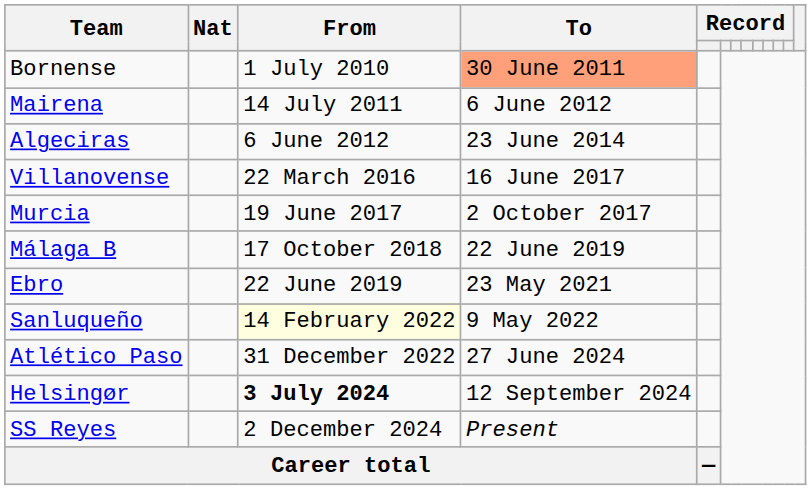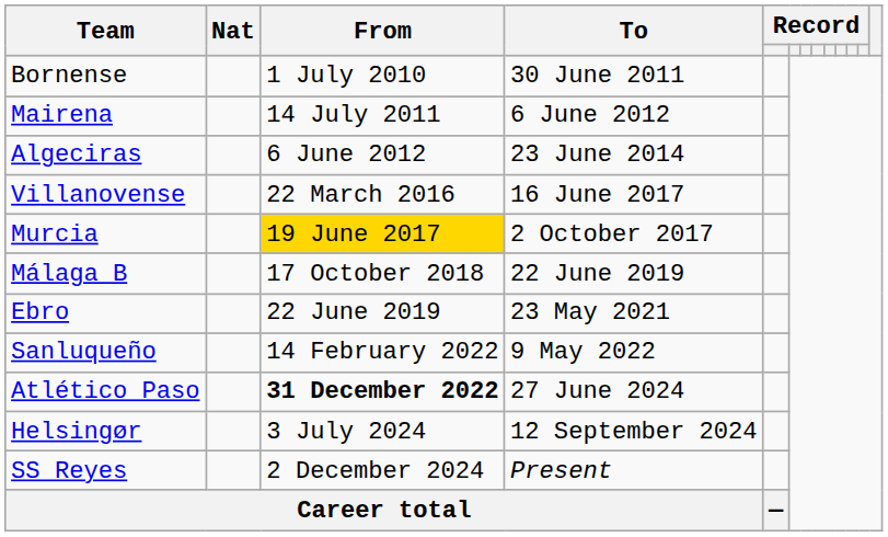 <table class="wikitable" style="text-align: center">
 <tr>
 <th rowspan="2">Team</th>
 <th rowspan="2">Nat</th>
 <th rowspan="2">From</th>
 <th rowspan="2">To</th>
 <th colspan="8">Record</th>
 <th rowspan=2></th>
 </tr>
 <tr>
 <th></th>
 <th></th>
 <th></th>
 <th></th>
 <th></th>
 <th></th>
 <th></th>
 <th></th>
 </tr>
 <tr>
 <td align="left">Bornense</td>
 <td></td>
 <td align=left>1 July 2010</td>
-<td align=left style="background: lightsalmon;">30 June 2011<br></td>
+<td align=left>30 June 2011<br></td>
 <td></td>
 </tr>
 <tr>
 <td align="left"><a href='#'>Mairena</a></td>
 <td></td>
 <td align=left>14 July 2011</td>
 <td align=left>6 June 2012<br></td>
 <td></td>
 </tr>
 <tr>
 <td align="left"><a href='#'>Algeciras</a></td>
 <td></td>
 <td align=left>6 June 2012</td>
 <td align=left>23 June 2014<br></td>
 <td></td>
 </tr>
 <tr>
 <td align="left"><a href='#'>Villanovense</a></td>
 <td></td>
 <td align=left>22 March 2016</td>
 <td align=left>16 June 2017<br></td>
 <td></td>
 </tr>
 <tr>
 <td align="left"><a href='#'>Murcia</a></td>
 <td></td>
-<td align=left>19 June 2017</td>
+<td align=left style="background: gold;">19 June 2017</td>
 <td align=left>2 October 2017<br></td>
 <td></td>
 </tr>
 <tr>
 <td align="left"><a href='#'>Málaga B</a></td>
 <td></td>
 <td align=left>17 October 2018</td>
 <td align=left>22 June 2019<br></td>
 <td></td>
 </tr>
 <tr>
 <td align="left"><a href='#'>Ebro</a></td>
 <td></td>
 <td align=left>22 June 2019</td>
 <td align=left>23 May 2021<br></td>
 <td></td>
 </tr>
 <tr>
 <td align="left"><a href='#'>Sanluqueño</a></td>
 <td></td>
-<td align=left style="background: lightyellow;">14 February 2022</td>
+<td align=left>14 February 2022</td>
 <td align=left>9 May 2022<br></td>
 <td></td>
 </tr>
 <tr>
 <td align="left"><a href='#'>Atlético Paso</a></td>
 <td></td>
-<td align=left>31 December 2022</td>
+<td align=left><strong>31 December 2022</strong></td>
 <td align=left>27 June 2024<br></td>
 <td></td>
 </tr>
 <tr>
 <td align="left"><a href='#'>Helsingør</a></td>
 <td></td>
-<td align=left><strong>3 July 2024</strong></td>
+<td align=left>3 July 2024</td>
 <td align=left>12 September 2024<br></td>
 <td></td>
 </tr>
 <tr>
 <td align="left"><a href='#'>SS Reyes</a></td>
 <td></td>
 <td align=left>2 December 2024</td>
 <td align=left><em>Present</em><br></td>
 <td></td>
 </tr>
 <tr>
 <th colspan=4>Career total<br></th>
 <th>—</th>
 </tr>
 </table>
